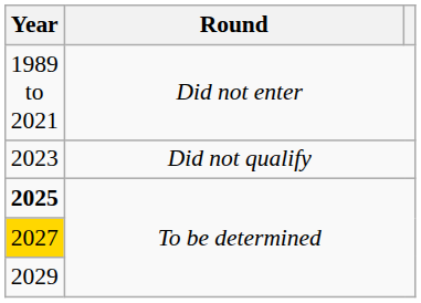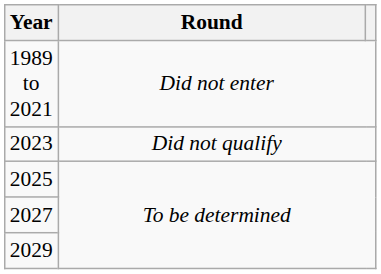 <table class="wikitable" style="text-align: center; font-size:90%">
 <tr>
 <th>Year</th>
 <th style="width:200px">Round</th>
 <th></th>
 </tr>
 <tr>
 <td>1989<br>to<br>2021</td>
 <td colspan="2"><em>Did not enter</em></td>
 </tr>
 <tr>
 <td>2023</td>
 <td colspan="2"><em>Did not qualify</em></td>
 </tr>
 <tr>
-<td><strong>2025</strong></td>
+<td>2025</td>
 <td colspan="2" rowspan="3"><em>To be determined</em></td>
 </tr>
 <tr>
-<td style="background: gold;">2027</td>
+<td>2027</td>
 </tr>
 <tr>
 <td>2029</td>
 </tr>
 </table>
